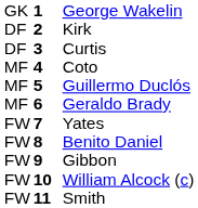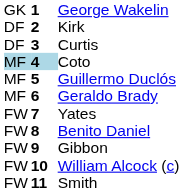 <table style="font-size: 90%" cellspacing="0" cellpadding="0" align=center>
 <tr>
 <td colspan="4"></td>
 </tr>
 <tr>
 <th width=25></th>
 <th width=25></th>
 </tr>
 <tr>
 <td>GK</td>
 <td><strong>1</strong></td>
 <td> <a href='#'>George Wakelin</a></td>
 </tr>
 <tr>
 <td>DF</td>
 <td><strong>2</strong></td>
 <td> Kirk</td>
 </tr>
 <tr>
 <td>DF</td>
 <td><strong>3</strong></td>
 <td> Curtis</td>
 </tr>
 <tr>
-<td>MF</td>
-<td><strong>4</strong></td>
+<td style="background: lightblue;">MF</td>
+<td style="background: lightblue;"><strong>4</strong></td>
 <td> Coto</td>
 </tr>
 <tr>
 <td>MF</td>
 <td><strong>5</strong></td>
 <td> <a href='#'>Guillermo Duclós</a></td>
 </tr>
 <tr>
 <td>MF</td>
 <td><strong>6</strong></td>
 <td> <a href='#'>Geraldo Brady</a></td>
 </tr>
 <tr>
 <td>FW</td>
 <td><strong>7</strong></td>
 <td> Yates</td>
 </tr>
 <tr>
 <td>FW</td>
 <td><strong>8</strong></td>
 <td> <a href='#'>Benito Daniel</a></td>
 </tr>
 <tr>
 <td>FW</td>
 <td><strong>9</strong></td>
 <td> Gibbon</td>
 </tr>
 <tr>
 <td>FW</td>
 <td><strong>10</strong></td>
 <td> <a href='#'>William Alcock</a> (<a href='#'>c</a>)</td>
 </tr>
 <tr>
 <td>FW</td>
 <td><strong>11</strong></td>
 <td> Smith</td>
 </tr>
 <tr>
 </tr>
 </table>
